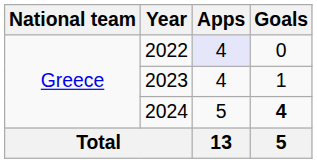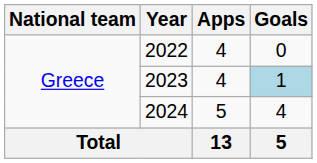 <table class="wikitable" style="text-align: center;">
 <tr>
 <th>National team</th>
 <th>Year</th>
 <th>Apps</th>
 <th>Goals</th>
 </tr>
 <tr>
 <td rowspan="3"><a href='#'>Greece</a></td>
 <td>2022</td>
-<td style="background: lavender;">4</td>
+<td>4</td>
 <td>0</td>
 </tr>
 <tr>
 <td>2023</td>
 <td>4</td>
-<td>1</td>
+<td style="background: lightblue;">1</td>
 </tr>
 <tr>
 <td>2024</td>
 <td>5</td>
-<td><strong>4</strong></td>
+<td>4</td>
 </tr>
 <tr>
 <th colspan="2">Total</th>
 <th>13</th>
 <th>5</th>
 </tr>
 </table>
